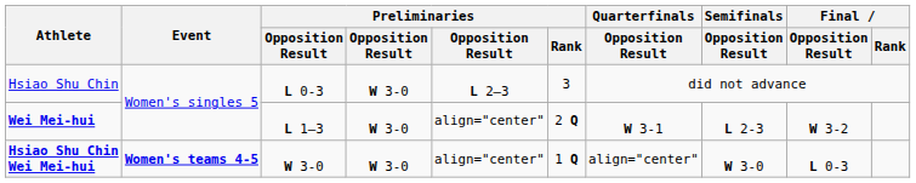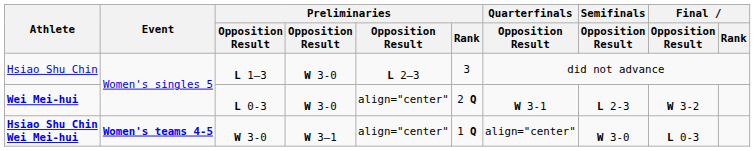 <table class=wikitable style="font-size:90%">
 <tr>
 <th rowspan="2">Athlete</th>
 <th rowspan="2">Event</th>
 <th colspan="4">Preliminaries</th>
 <th>Quarterfinals</th>
 <th>Semifinals</th>
 <th colspan="2">Final / </th>
 </tr>
 <tr>
 <th>Opposition<br>Result</th>
 <th>Opposition<br>Result</th>
 <th>Opposition<br>Result</th>
 <th>Rank</th>
 <th>Opposition<br>Result</th>
 <th>Opposition<br>Result</th>
 <th>Opposition<br>Result</th>
 <th>Rank</th>
 </tr>
 <tr>
 <td><a href='#'>Hsiao Shu Chin</a></td>
 <td rowspan="2"><a href='#'>Women's singles 5</a></td>
-<td align="center"><br><strong>L</strong> 0-3</td>
+<td align="center"><br><strong>L</strong> 1–3</td>
 <td align="center"><br><strong>W</strong> 3-0</td>
 <td align="center"><br><strong>L</strong> 2–3</td>
 <td align="center">3</td>
 <td align="center" colspan="4">did not advance</td>
 </tr>
 <tr>
 <td><strong><a href='#'>Wei Mei-hui</a></strong></td>
-<td align="center"><br><strong>L</strong> 1–3</td>
+<td align="center"><br><strong>L</strong> 0-3</td>
 <td align="center"><br><strong>W</strong> 3-0</td>
 <td>align="center" </td>
 <td align="center">2 <strong>Q</strong></td>
 <td align="center"><br><strong>W</strong> 3-1</td>
 <td align="center"><br><strong>L</strong> 2-3</td>
 <td align="center"><br><strong>W</strong> 3-2</td>
 <td align="center"></td>
 </tr>
 <tr>
 <td><strong><a href='#'>Hsiao Shu Chin</a></strong><br> <strong><a href='#'>Wei Mei-hui</a></strong></td>
 <td><strong><a href='#'>Women's teams 4-5</a></strong></td>
 <td align="center"><br><strong>W</strong> 3-0</td>
-<td align="center"><br><strong>W</strong> 3-0</td>
+<td align="center"><br><strong>W</strong> 3–1</td>
 <td>align="center" </td>
 <td align="center">1 <strong>Q</strong></td>
 <td>align="center" </td>
 <td align="center"><br><strong>W</strong> 3-0</td>
 <td align="center"><br><strong>L</strong> 0-3</td>
 <td align="center"></td>
 </tr>
 </table>
